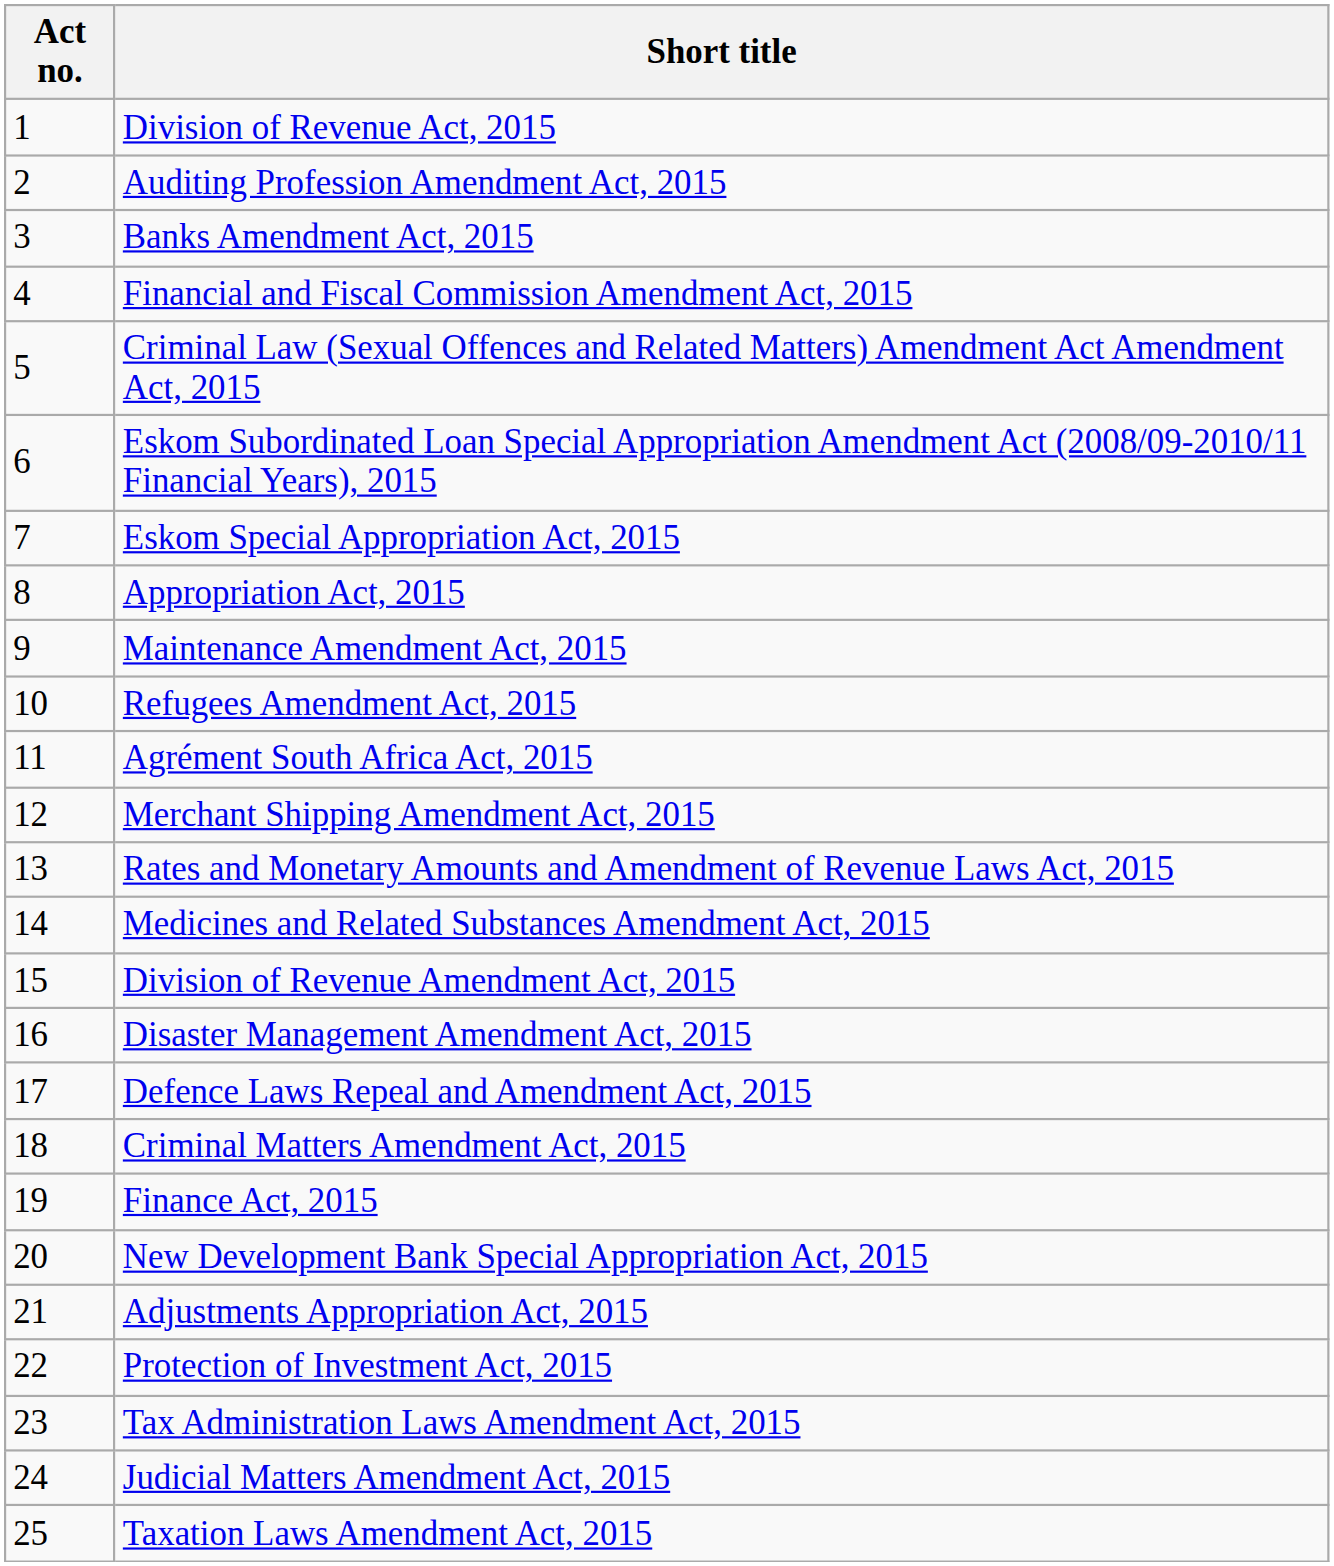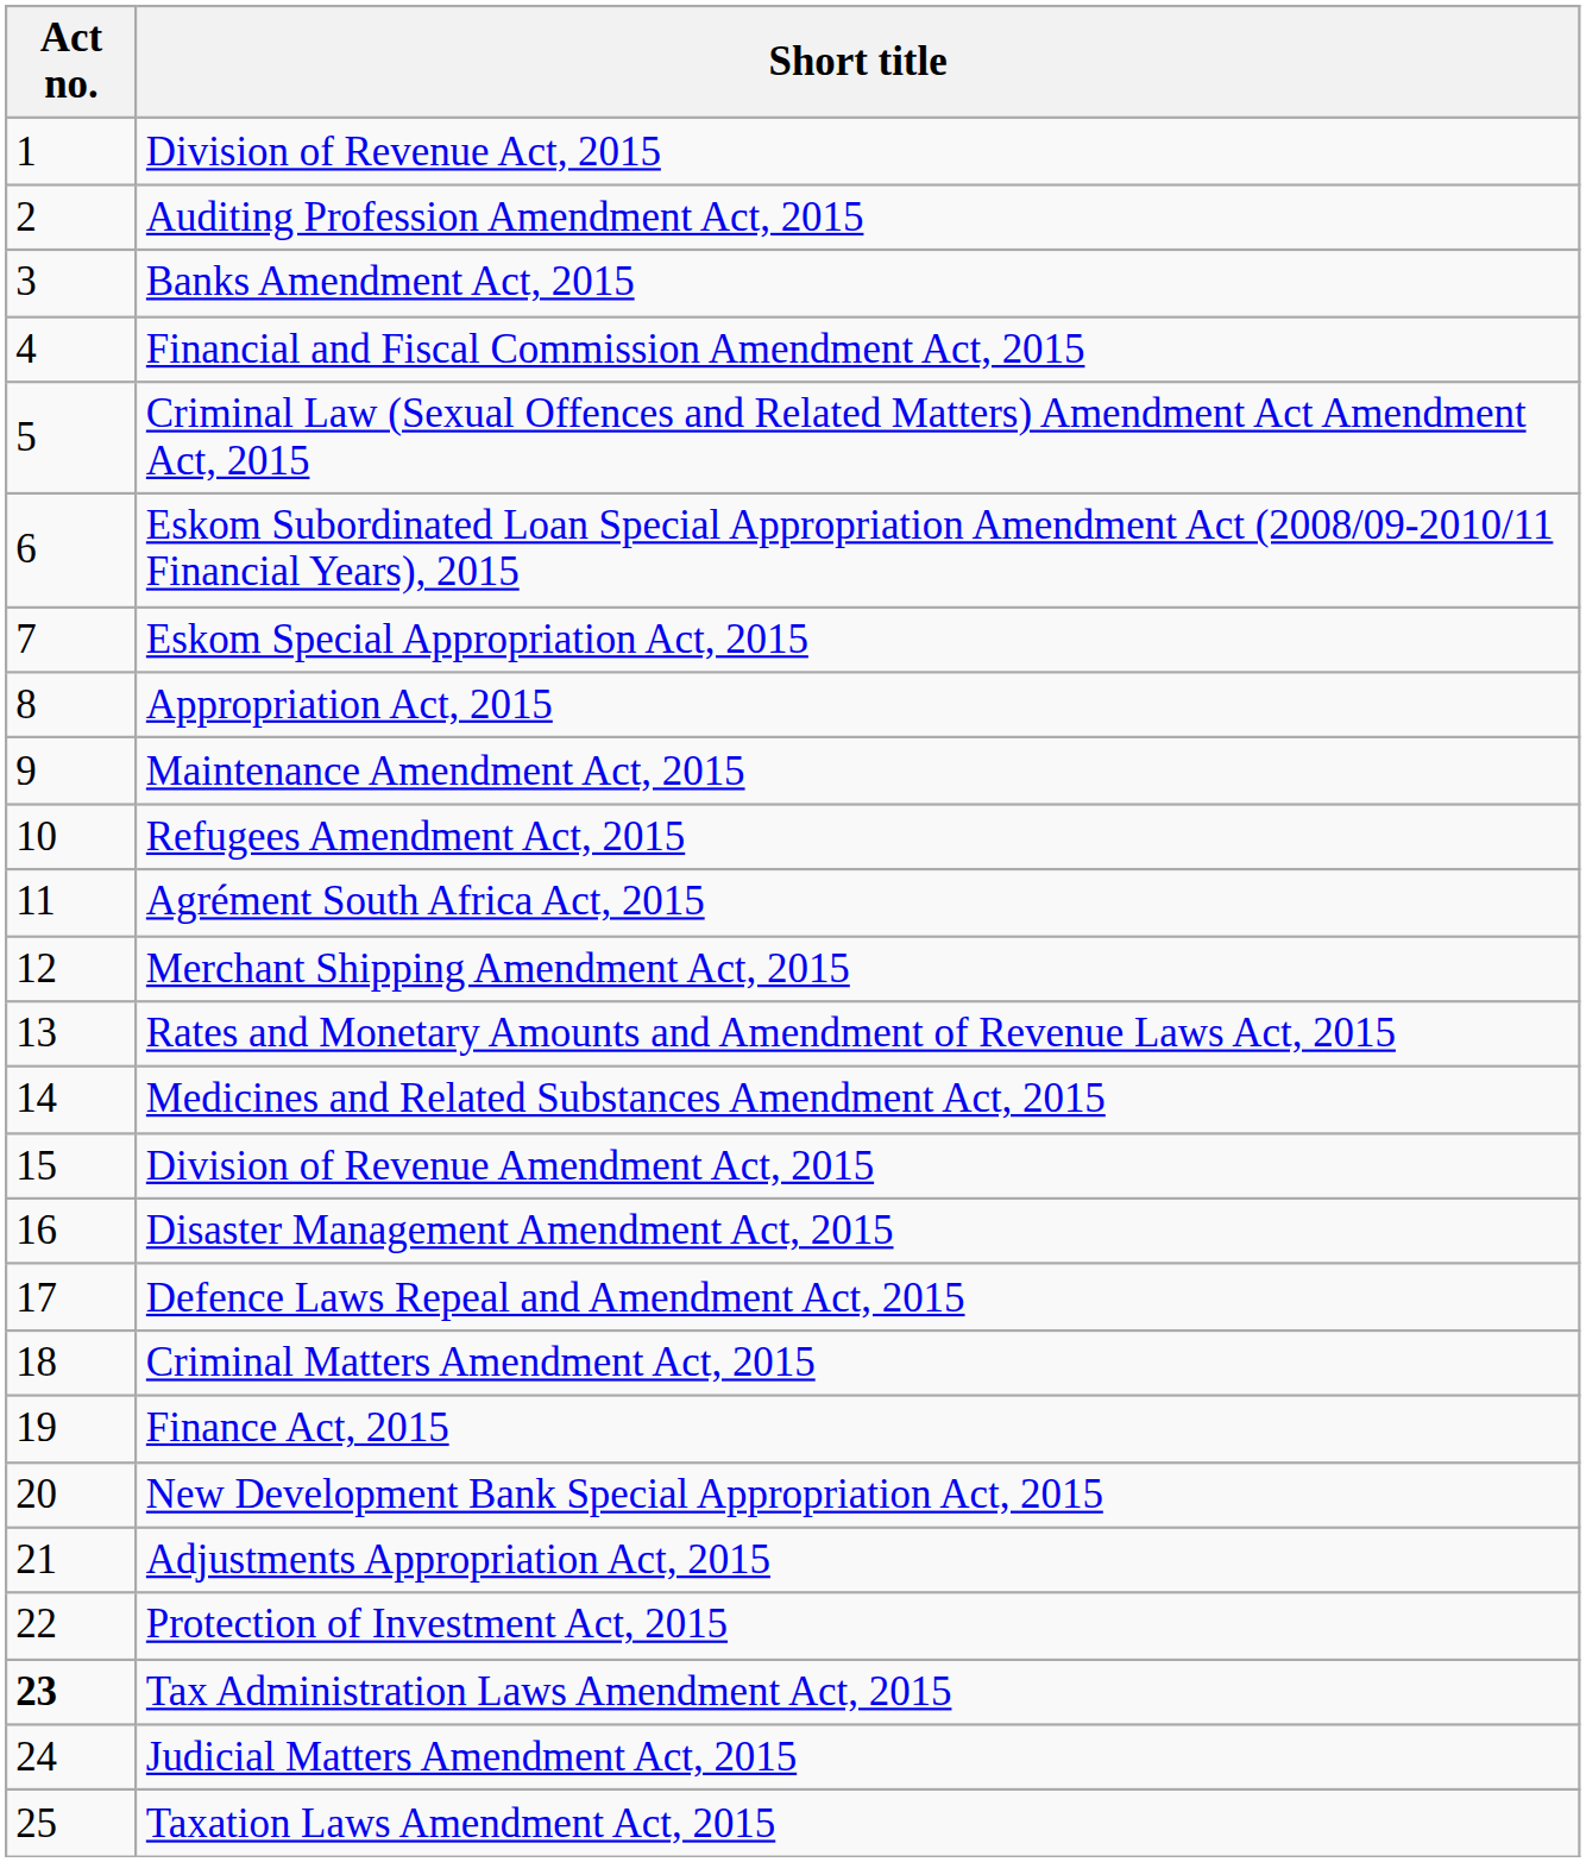 <table class="wikitable sortable">
 <tr>
 <th>Act no.</th>
 <th>Short title</th>
 </tr>
 <tr>
 <td>1</td>
 <td><a href='#'>Division of Revenue Act, 2015</a></td>
 </tr>
 <tr>
 <td>2</td>
 <td><a href='#'>Auditing Profession Amendment Act, 2015</a></td>
 </tr>
 <tr>
 <td>3</td>
 <td><a href='#'>Banks Amendment Act, 2015</a></td>
 </tr>
 <tr>
 <td>4</td>
 <td><a href='#'>Financial and Fiscal Commission Amendment Act, 2015</a></td>
 </tr>
 <tr>
 <td>5</td>
 <td><a href='#'>Criminal Law (Sexual Offences and Related Matters) Amendment Act Amendment Act, 2015</a></td>
 </tr>
 <tr>
 <td>6</td>
 <td><a href='#'>Eskom Subordinated Loan Special Appropriation Amendment Act (2008/09-2010/11 Financial Years), 2015</a></td>
 </tr>
 <tr>
 <td>7</td>
 <td><a href='#'>Eskom Special Appropriation Act, 2015</a></td>
 </tr>
 <tr>
 <td>8</td>
 <td><a href='#'>Appropriation Act, 2015</a></td>
 </tr>
 <tr>
 <td>9</td>
 <td><a href='#'>Maintenance Amendment Act, 2015</a></td>
 </tr>
 <tr>
 <td>10</td>
 <td><a href='#'>Refugees Amendment Act, 2015</a></td>
 </tr>
 <tr>
 <td>11</td>
 <td><a href='#'>Agrément South Africa Act, 2015</a></td>
 </tr>
 <tr>
 <td>12</td>
 <td><a href='#'>Merchant Shipping Amendment Act, 2015</a></td>
 </tr>
 <tr>
 <td>13</td>
 <td><a href='#'>Rates and Monetary Amounts and Amendment of Revenue Laws Act, 2015</a></td>
 </tr>
 <tr>
 <td>14</td>
 <td><a href='#'>Medicines and Related Substances Amendment Act, 2015</a></td>
 </tr>
 <tr>
 <td>15</td>
 <td><a href='#'>Division of Revenue Amendment Act, 2015</a></td>
 </tr>
 <tr>
 <td>16</td>
 <td><a href='#'>Disaster Management Amendment Act, 2015</a></td>
 </tr>
 <tr>
 <td>17</td>
 <td><a href='#'>Defence Laws Repeal and Amendment Act, 2015</a></td>
 </tr>
 <tr>
 <td>18</td>
 <td><a href='#'>Criminal Matters Amendment Act, 2015</a></td>
 </tr>
 <tr>
 <td>19</td>
 <td><a href='#'>Finance Act, 2015</a></td>
 </tr>
 <tr>
 <td>20</td>
 <td><a href='#'>New Development Bank Special Appropriation Act, 2015</a></td>
 </tr>
 <tr>
 <td>21</td>
 <td><a href='#'>Adjustments Appropriation Act, 2015</a></td>
 </tr>
 <tr>
 <td>22</td>
 <td><a href='#'>Protection of Investment Act, 2015</a></td>
 </tr>
 <tr>
-<td>23</td>
+<td><strong>23</strong></td>
 <td><a href='#'>Tax Administration Laws Amendment Act, 2015</a></td>
 </tr>
 <tr>
 <td>24</td>
 <td><a href='#'>Judicial Matters Amendment Act, 2015</a></td>
 </tr>
 <tr>
 <td>25</td>
 <td><a href='#'>Taxation Laws Amendment Act, 2015</a></td>
 </tr>
 </table>
